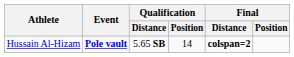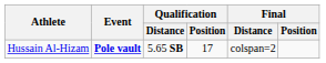 <table class=wikitable style="font-size:90%">
 <tr>
 <th rowspan="2">Athlete</th>
 <th rowspan="2">Event</th>
 <th colspan="2">Qualification</th>
 <th colspan="2">Final</th>
 </tr>
 <tr style="font-size:95%">
 <th>Distance</th>
 <th>Position</th>
 <th>Distance</th>
 <th>Position</th>
 </tr>
 <tr style=text-align:center>
 <td style=text-align:left><a href='#'>Hussain Al-Hizam</a></td>
 <td style=text-align:left><strong><a href='#'>Pole vault</a></strong></td>
 <td>5.65 <strong>SB</strong></td>
-<td>14</td>
-<td><strong>colspan=2</strong></td>
+<td>17</td>
+<td>colspan=2</td>
 </tr>
 </table>
